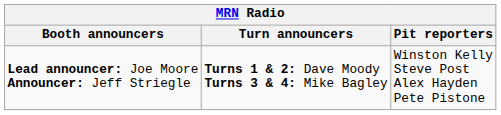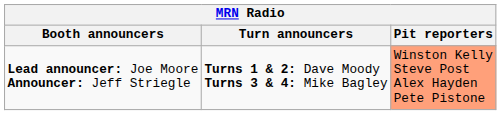 <table class="wikitable" style="font-size: 95%;">
 <tr>
 <th colspan="3"><a href='#'>MRN</a> Radio</th>
 </tr>
 <tr>
 <th>Booth announcers</th>
 <th>Turn announcers</th>
 <th>Pit reporters</th>
 </tr>
 <tr>
 <td><strong>Lead announcer:</strong> Joe Moore<br><strong>Announcer:</strong> Jeff Striegle</td>
 <td><strong>Turns 1 & 2:</strong> Dave Moody<br><strong>Turns 3 & 4:</strong> Mike Bagley</td>
-<td>Winston Kelly<br>Steve Post<br>Alex Hayden<br>Pete Pistone</td>
+<td style="background: lightsalmon;">Winston Kelly<br>Steve Post<br>Alex Hayden<br>Pete Pistone</td>
 </tr>
 </table>
